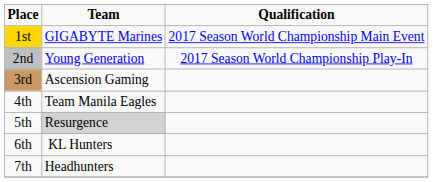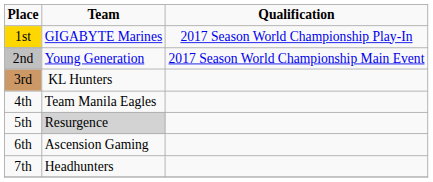 <table class="wikitable" style="text-align:left">
 <tr>
 <td style="text-align:center"><strong>Place</strong></td>
 <td style="text-align:center"><strong>Team</strong></td>
 <td style="text-align:center"><strong>Qualification</strong></td>
 </tr>
 <tr>
 <td style="text-align:center; background:gold;">1st</td>
 <td> <a href='#'>GIGABYTE Marines</a></td>
-<td style="text-align:center"><a href='#'>2017 Season World Championship Main Event</a></td>
+<td style="text-align:center"><a href='#'>2017 Season World Championship Play-In</a></td>
 </tr>
 <tr>
 <td style="text-align:center; background:silver;">2nd</td>
 <td> <a href='#'>Young Generation</a></td>
-<td style="text-align:center"><a href='#'>2017 Season World Championship Play-In</a></td>
+<td style="text-align:center"><a href='#'>2017 Season World Championship Main Event</a></td>
 </tr>
 <tr>
 <td style="text-align:center; background:#c96;">3rd</td>
-<td> Ascension Gaming</td>
+<td>⁠ KL Hunters</td>
 <td style="text-align:center"></td>
 </tr>
 <tr>
 <td style="text-align:center">4th</td>
 <td> Team Manila Eagles</td>
 <td style="text-align:center"></td>
 </tr>
 <tr>
 <td style="text-align:center">5th</td>
 <td style="background: lightgrey;"> Resurgence</td>
 <td style="text-align:center"></td>
 </tr>
 <tr>
 <td style="text-align:center">6th</td>
-<td>⁠ KL Hunters</td>
+<td> Ascension Gaming</td>
 <td style="text-align:center"></td>
 </tr>
 <tr>
 <td style="text-align:center">7th</td>
 <td> ⁠Headhunters</td>
 <td style="text-align:center"></td>
 </tr>
 <tr>
 </tr>
 </table>
